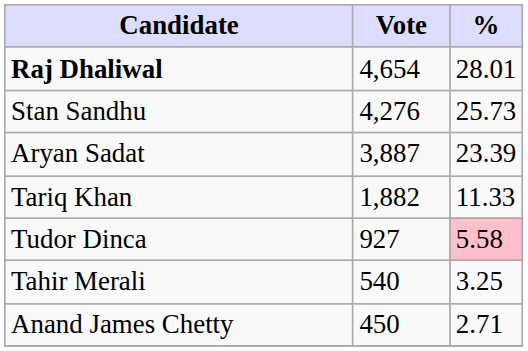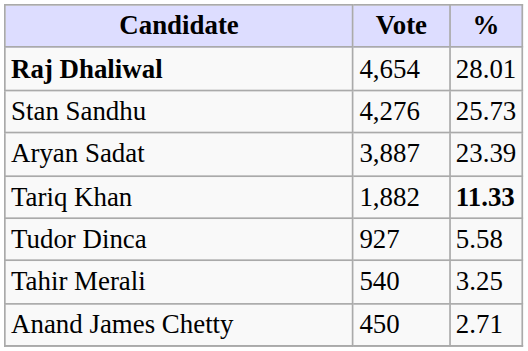 <table class="wikitable">
 <tr>
 <th style="background:#ddf; width:200px;">Candidate</th>
 <th style="background:#ddf; width:50px;">Vote</th>
 <th style="background:#ddf; width:30px;">%</th>
 </tr>
 <tr>
 <td><strong>Raj Dhaliwal</strong></td>
 <td>4,654</td>
 <td>28.01</td>
 </tr>
 <tr>
 <td>Stan Sandhu</td>
 <td>4,276</td>
 <td>25.73</td>
 </tr>
 <tr>
 <td>Aryan Sadat</td>
 <td>3,887</td>
 <td>23.39</td>
 </tr>
 <tr>
 <td>Tariq Khan</td>
 <td>1,882</td>
-<td>11.33</td>
+<td><strong>11.33</strong></td>
 </tr>
 <tr>
 <td>Tudor Dinca</td>
 <td>927</td>
-<td style="background: pink;">5.58</td>
+<td>5.58</td>
 </tr>
 <tr>
 <td>Tahir Merali</td>
 <td>540</td>
 <td>3.25</td>
 </tr>
 <tr>
 <td>Anand James Chetty</td>
 <td>450</td>
 <td>2.71</td>
 </tr>
 <tr>
 </tr>
 </table>
